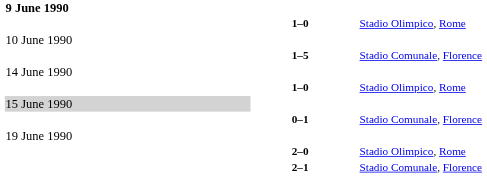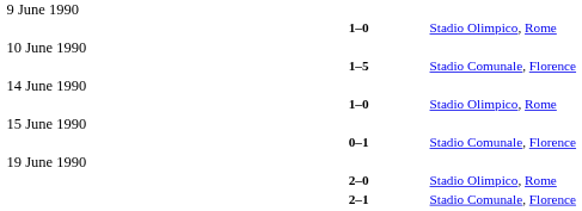 <table style="width:100%" cellspacing="1">
 <tr>
 <th width=25%></th>
 <th width=10%></th>
 <th></th>
 </tr>
 <tr>
-<td><strong>9 June 1990</strong></td>
+<td>9 June 1990</td>
 </tr>
 <tr style=font-size:90%>
 <td align=right></td>
 <td align=center><strong>1–0</strong></td>
 <td></td>
 <td><a href='#'>Stadio Olimpico</a>, <a href='#'>Rome</a></td>
 </tr>
 <tr>
 <td>10 June 1990</td>
 </tr>
 <tr style=font-size:90%>
 <td align=right></td>
 <td align=center><strong>1–5</strong></td>
 <td></td>
 <td><a href='#'>Stadio Comunale</a>, <a href='#'>Florence</a></td>
 </tr>
 <tr>
 <td>14 June 1990</td>
 </tr>
 <tr style=font-size:90%>
 <td align=right></td>
 <td align=center><strong>1–0</strong></td>
 <td></td>
 <td><a href='#'>Stadio Olimpico</a>, <a href='#'>Rome</a></td>
 </tr>
 <tr>
-<td style="background: lightgrey;">15 June 1990</td>
+<td>15 June 1990</td>
 </tr>
 <tr style=font-size:90%>
 <td align=right></td>
 <td align=center><strong>0–1</strong></td>
 <td></td>
 <td><a href='#'>Stadio Comunale</a>, <a href='#'>Florence</a></td>
 </tr>
 <tr>
 <td>19 June 1990</td>
 </tr>
 <tr style=font-size:90%>
 <td align=right></td>
 <td align=center><strong>2–0</strong></td>
 <td></td>
 <td><a href='#'>Stadio Olimpico</a>, <a href='#'>Rome</a></td>
 </tr>
 <tr style=font-size:90%>
 <td align=right></td>
 <td align=center><strong>2–1</strong></td>
 <td></td>
 <td><a href='#'>Stadio Comunale</a>, <a href='#'>Florence</a></td>
 </tr>
 </table>
